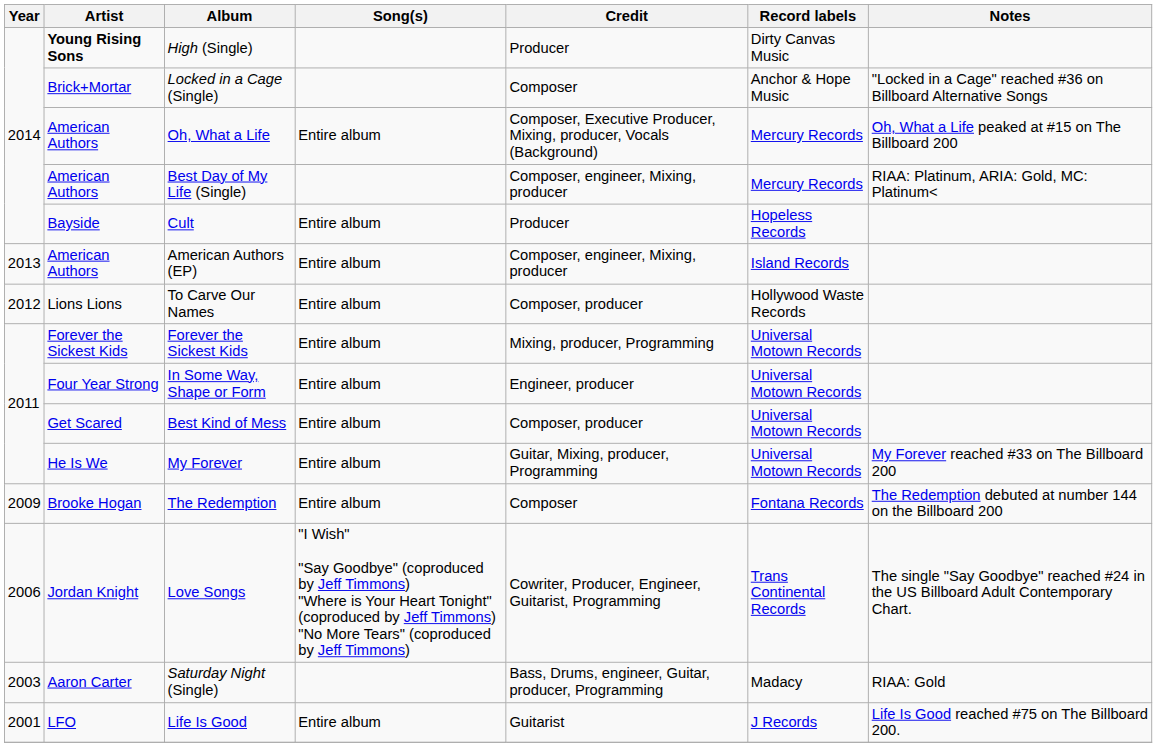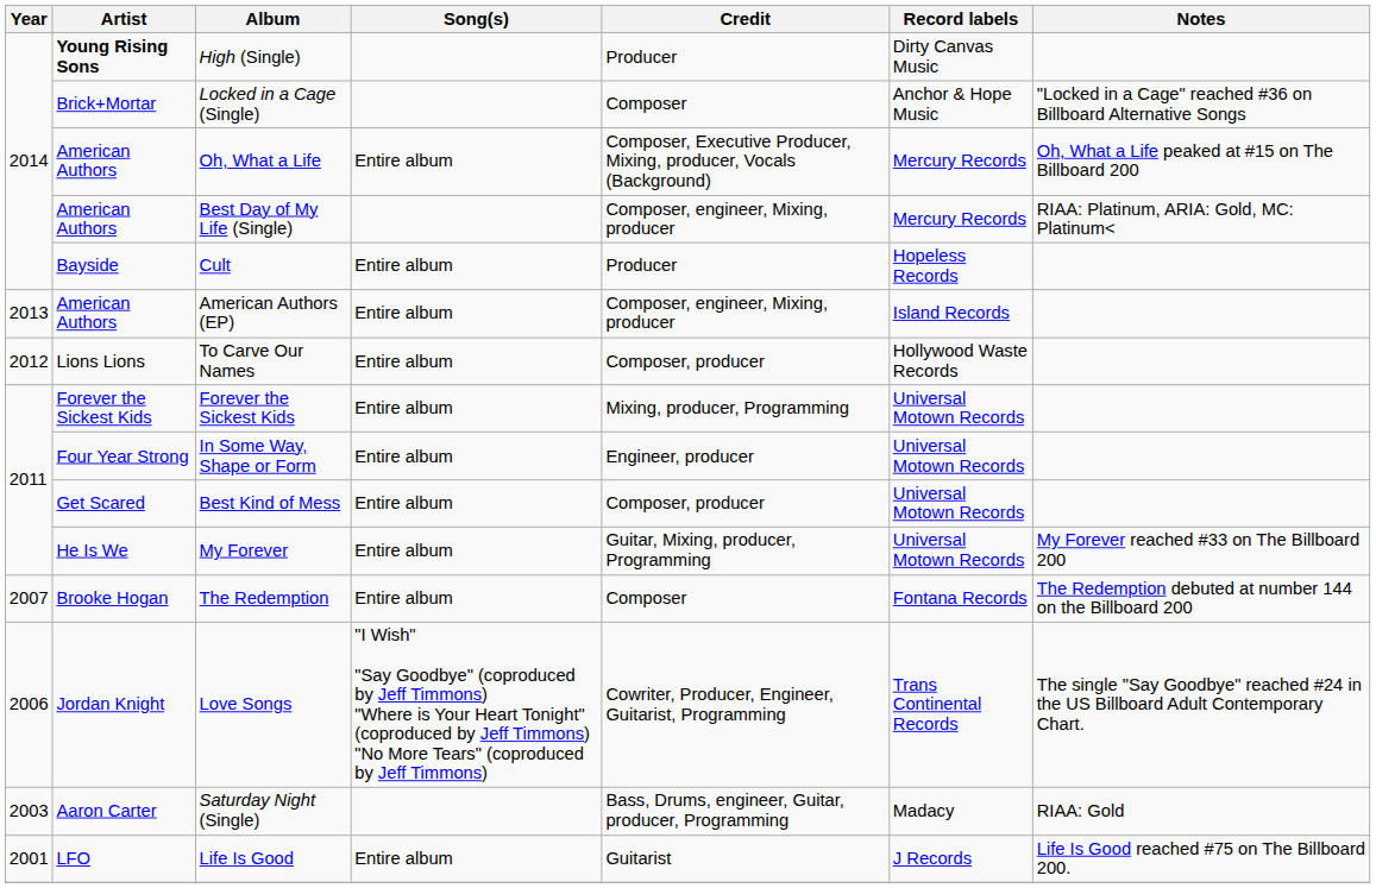 <table class="wikitable">
 <tr>
 <th>Year</th>
 <th>Artist</th>
 <th>Album</th>
 <th>Song(s)</th>
 <th>Credit</th>
 <th>Record labels</th>
 <th>Notes</th>
 </tr>
 <tr>
 <td rowspan="5">2014</td>
 <td><strong>Young Rising Sons</strong></td>
 <td><em>High</em> (Single)</td>
 <td></td>
 <td>Producer</td>
 <td>Dirty Canvas Music</td>
 <td></td>
 </tr>
 <tr>
 <td><a href='#'>Brick+Mortar</a></td>
 <td><em>Locked in a Cage</em> (Single)</td>
 <td></td>
 <td>Composer</td>
 <td>Anchor & Hope Music</td>
 <td>"Locked in a Cage" reached #36 on Billboard Alternative Songs</td>
 </tr>
 <tr>
 <td><a href='#'>American Authors</a></td>
 <td><a href='#'>Oh, What a Life</a></td>
 <td>Entire album</td>
 <td>Composer, Executive Producer, Mixing, producer, Vocals (Background)</td>
 <td><a href='#'>Mercury Records</a></td>
 <td><a href='#'>Oh, What a Life</a> peaked at #15 on The Billboard 200</td>
 </tr>
 <tr>
 <td><a href='#'>American Authors</a></td>
 <td><a href='#'>Best Day of My Life</a> (Single)</td>
 <td></td>
 <td>Composer, engineer, Mixing, producer</td>
 <td><a href='#'>Mercury Records</a></td>
 <td>RIAA: Platinum, ARIA: Gold, MC: Platinum<</td>
 </tr>
 <tr>
 <td><a href='#'>Bayside</a></td>
 <td><a href='#'>Cult</a></td>
 <td>Entire album</td>
 <td>Producer</td>
 <td><a href='#'>Hopeless Records</a></td>
 <td></td>
 </tr>
 <tr>
 <td rowspan="1">2013</td>
 <td><a href='#'>American Authors</a></td>
 <td>American Authors (EP)</td>
 <td>Entire album</td>
 <td>Composer, engineer, Mixing, producer</td>
 <td><a href='#'>Island Records</a></td>
 <td></td>
 </tr>
 <tr>
 <td rowspan="1">2012</td>
 <td>Lions Lions</td>
 <td>To Carve Our Names</td>
 <td>Entire album</td>
 <td>Composer, producer</td>
 <td>Hollywood Waste Records</td>
 <td></td>
 </tr>
 <tr>
 <td rowspan="4">2011</td>
 <td><a href='#'>Forever the Sickest Kids</a></td>
 <td><a href='#'>Forever the Sickest Kids</a></td>
 <td>Entire album</td>
 <td>Mixing, producer, Programming</td>
 <td><a href='#'>Universal Motown Records</a></td>
 <td></td>
 </tr>
 <tr>
 <td><a href='#'>Four Year Strong</a></td>
 <td><a href='#'>In Some Way, Shape or Form</a></td>
 <td>Entire album</td>
 <td>Engineer, producer</td>
 <td><a href='#'>Universal Motown Records</a></td>
 <td></td>
 </tr>
 <tr>
 <td><a href='#'>Get Scared</a></td>
 <td><a href='#'>Best Kind of Mess</a></td>
 <td>Entire album</td>
 <td>Composer, producer</td>
 <td><a href='#'>Universal Motown Records</a></td>
 <td></td>
 </tr>
 <tr>
 <td><a href='#'>He Is We</a></td>
 <td><a href='#'>My Forever</a></td>
 <td>Entire album</td>
 <td>Guitar, Mixing, producer, Programming</td>
 <td><a href='#'>Universal Motown Records</a></td>
 <td><a href='#'>My Forever</a> reached #33 on The Billboard 200</td>
 </tr>
 <tr>
-<td rowspan="1">2009</td>
+<td rowspan="1">2007</td>
 <td><a href='#'>Brooke Hogan</a></td>
 <td><a href='#'>The Redemption</a></td>
 <td>Entire album</td>
 <td>Composer</td>
 <td><a href='#'>Fontana Records</a></td>
 <td><a href='#'>The Redemption</a> debuted at number 144 on the Billboard 200</td>
 </tr>
 <tr>
 <td rowspan="1">2006</td>
 <td><a href='#'>Jordan Knight</a></td>
 <td><a href='#'>Love Songs</a></td>
 <td>"I Wish" <br><br>"Say Goodbye" (coproduced by <a href='#'>Jeff Timmons</a>) <br> "Where is Your Heart Tonight" (coproduced by <a href='#'>Jeff Timmons</a>) <br> "No More Tears" (coproduced by <a href='#'>Jeff Timmons</a>)</td>
 <td>Cowriter, Producer, Engineer, Guitarist, Programming</td>
 <td><a href='#'>Trans Continental Records</a></td>
 <td>The single "Say Goodbye" reached #24 in the US Billboard Adult Contemporary Chart.</td>
 </tr>
 <tr>
 <td rowspan="1">2003</td>
 <td><a href='#'>Aaron Carter</a></td>
 <td><em>Saturday Night</em> (Single)</td>
 <td></td>
 <td>Bass, Drums, engineer, Guitar, producer, Programming</td>
 <td>Madacy</td>
 <td>RIAA: Gold</td>
 </tr>
 <tr>
 <td rowspan="1">2001</td>
 <td><a href='#'>LFO</a></td>
 <td><a href='#'>Life Is Good</a></td>
 <td>Entire album</td>
 <td>Guitarist</td>
 <td><a href='#'>J Records</a></td>
 <td><a href='#'>Life Is Good</a> reached #75 on The Billboard 200.</td>
 </tr>
 <tr>
 </tr>
 </table>
